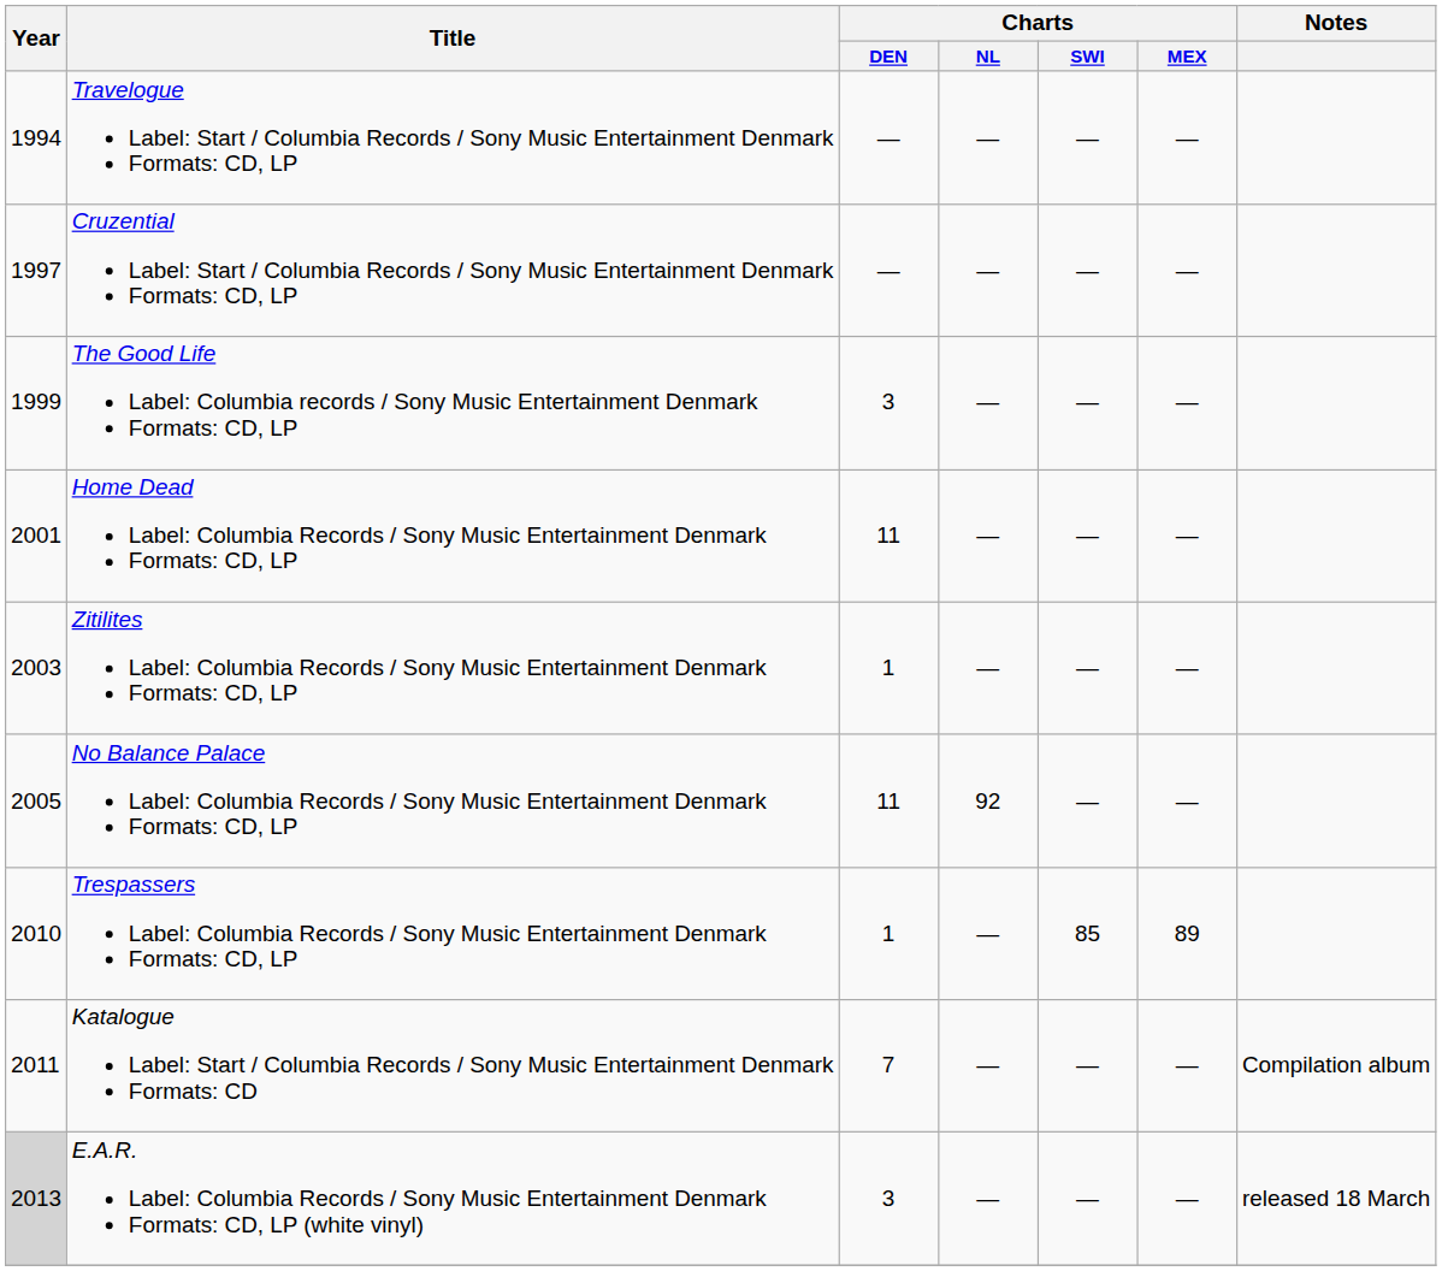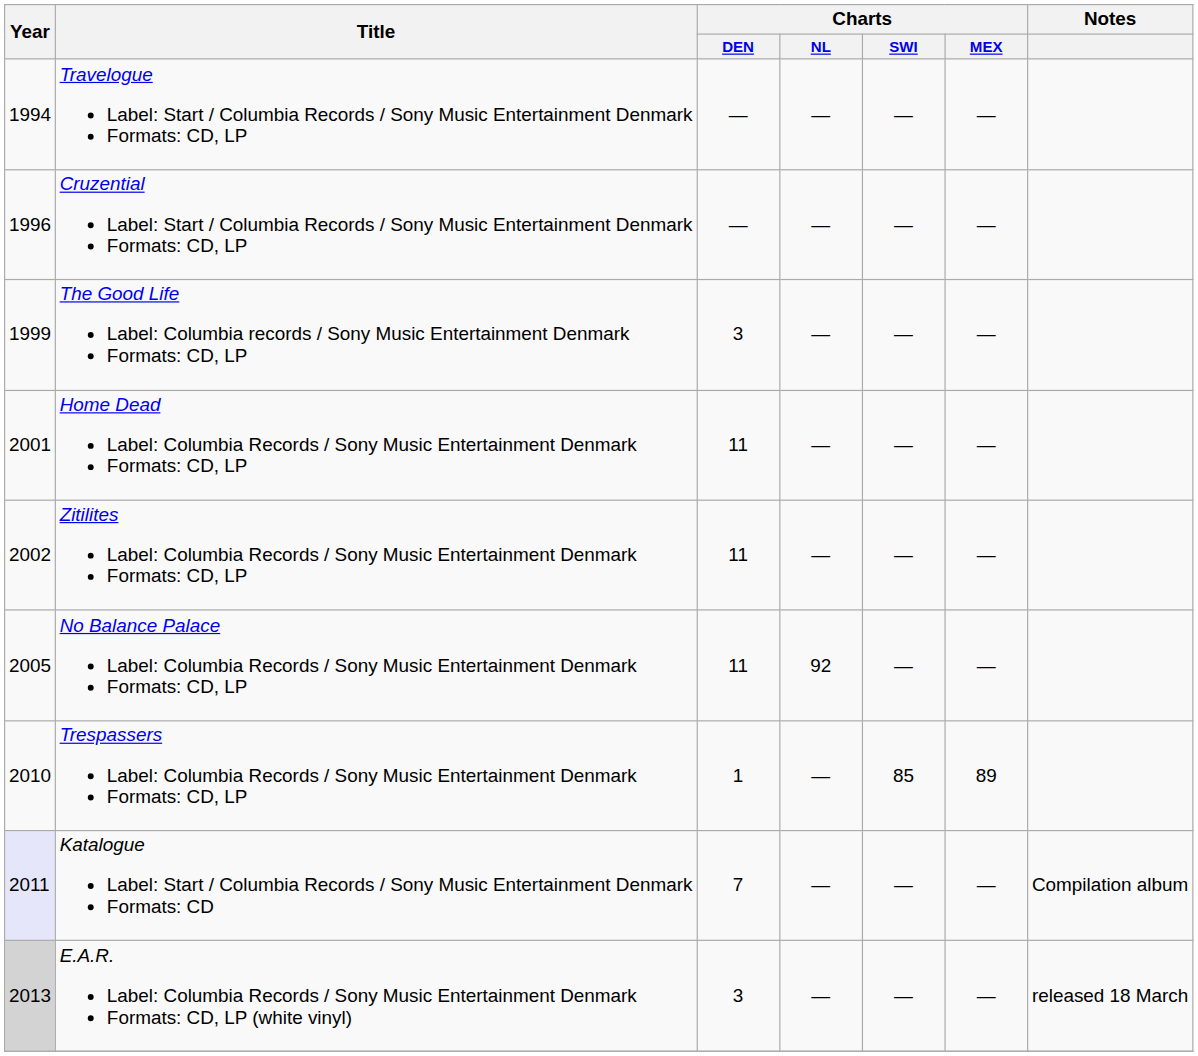 <table class="wikitable">
 <tr>
 <th rowspan="2">Year</th>
 <th rowspan="2">Title</th>
 <th colspan="4">Charts</th>
 <th>Notes</th>
 </tr>
 <tr>
 <th style="width:5em;font-size:80%"><a href='#'>DEN</a><br></th>
 <th style="width:5em;font-size:80%"><a href='#'>NL</a><br></th>
 <th style="width:5em;font-size:80%"><a href='#'>SWI</a><br></th>
 <th style="width:5em;font-size:80%"><a href='#'>MEX</a><br></th>
 <th></th>
 </tr>
 <tr>
 <td>1994</td>
 <td><em><a href='#'>Travelogue</a></em><br><ul><li>Label: Start / Columbia Records / Sony Music Entertainment Denmark</li><li>Formats: CD, LP</li></ul></td>
 <td align="center">—</td>
 <td align="center">—</td>
 <td align="center">—</td>
 <td align="center">—</td>
 <td></td>
 </tr>
 <tr>
-<td>1997</td>
+<td>1996</td>
 <td><em><a href='#'>Cruzential</a></em><br><ul><li>Label: Start / Columbia Records / Sony Music Entertainment Denmark</li><li>Formats: CD, LP</li></ul></td>
 <td align="center">—</td>
 <td align="center">—</td>
 <td align="center">—</td>
 <td align="center">—</td>
 <td></td>
 </tr>
 <tr>
 <td>1999</td>
 <td><em><a href='#'>The Good Life</a></em><br><ul><li>Label: Columbia records / Sony Music Entertainment Denmark</li><li>Formats: CD, LP</li></ul></td>
 <td align="center">3<br></td>
 <td align="center">—</td>
 <td align="center">—</td>
 <td align="center">—</td>
 <td></td>
 </tr>
 <tr>
 <td>2001</td>
 <td><em><a href='#'>Home Dead</a></em><br><ul><li>Label: Columbia Records / Sony Music Entertainment Denmark</li><li>Formats: CD, LP</li></ul></td>
 <td align="center">11</td>
 <td align="center">—</td>
 <td align="center">—</td>
 <td align="center">—</td>
 <td></td>
 </tr>
 <tr>
-<td>2003</td>
+<td>2002</td>
 <td><em><a href='#'>Zitilites</a></em><br><ul><li>Label: Columbia Records / Sony Music Entertainment Denmark</li><li>Formats: CD, LP</li></ul></td>
-<td align="center">1</td>
+<td align="center">11</td>
 <td align="center">—</td>
 <td align="center">—</td>
 <td align="center">—</td>
 <td></td>
 </tr>
 <tr>
 <td>2005</td>
 <td><em><a href='#'>No Balance Palace</a></em><br><ul><li>Label: Columbia Records / Sony Music Entertainment Denmark</li><li>Formats: CD, LP</li></ul></td>
 <td align="center">11</td>
 <td align="center">92</td>
 <td align="center">—</td>
 <td align="center">—</td>
 <td></td>
 </tr>
 <tr>
 <td>2010</td>
 <td><em><a href='#'>Trespassers</a></em><br><ul><li>Label: Columbia Records / Sony Music Entertainment Denmark</li><li>Formats: CD, LP</li></ul></td>
 <td align="center">1</td>
 <td align="center">—</td>
 <td align="center">85</td>
 <td align="center">89</td>
 <td></td>
 </tr>
 <tr>
-<td>2011</td>
+<td style="background: lavender;">2011</td>
 <td><em>Katalogue</em><br><ul><li>Label: Start / Columbia Records / Sony Music Entertainment Denmark</li><li>Formats: CD</li></ul></td>
 <td align="center">7</td>
 <td align="center">—</td>
 <td align="center">—</td>
 <td align="center">—</td>
 <td>Compilation album</td>
 </tr>
 <tr>
 <td style="background: lightgrey;">2013</td>
 <td><em>E.A.R.</em><br><ul><li>Label: Columbia Records / Sony Music Entertainment Denmark</li><li>Formats: CD, LP (white vinyl)</li></ul></td>
 <td align="center">3<br></td>
 <td align="center">—</td>
 <td align="center">—</td>
 <td align="center">—</td>
 <td>released 18 March</td>
 </tr>
 <tr>
 </tr>
 </table>
